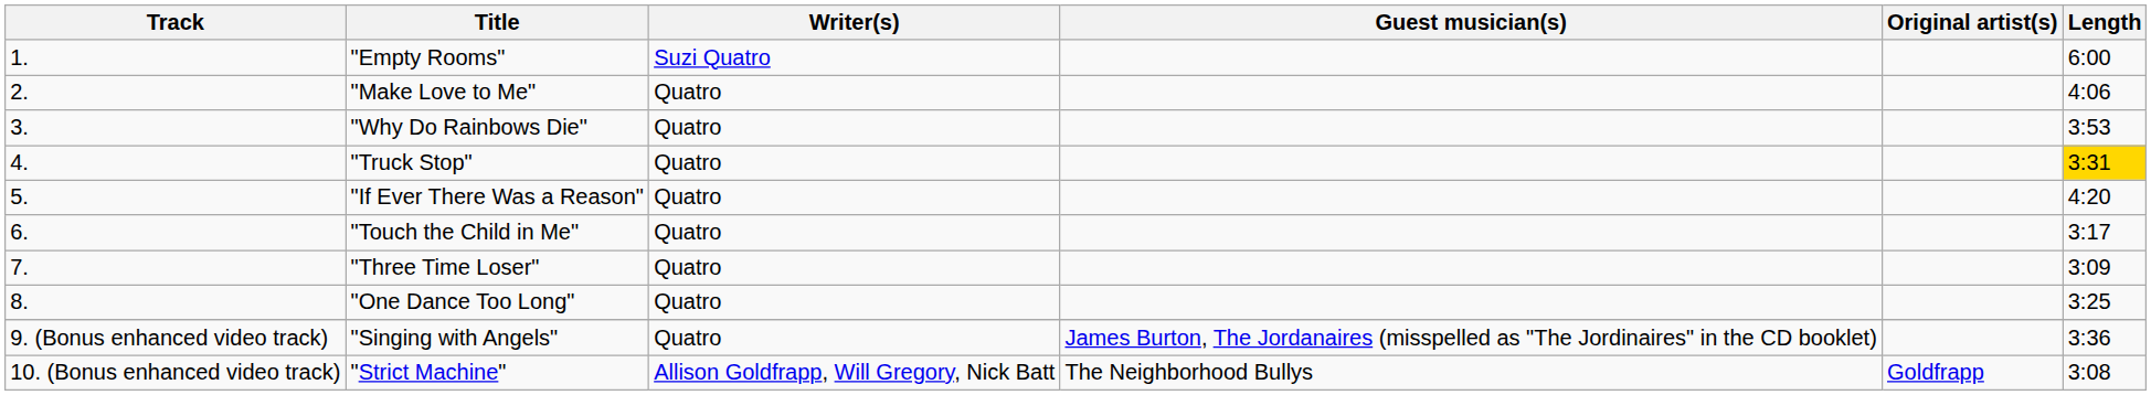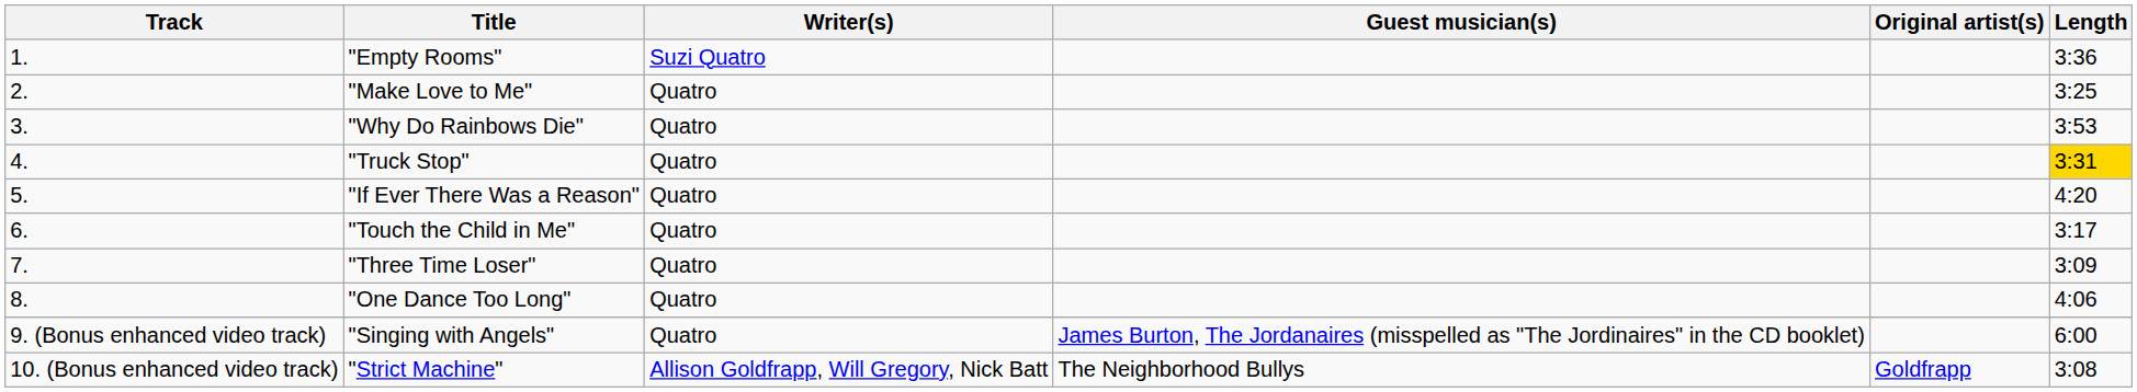 <table class="wikitable">
 <tr>
 <th>Track</th>
 <th>Title</th>
 <th>Writer(s)</th>
 <th>Guest musician(s)</th>
 <th>Original artist(s)</th>
 <th>Length</th>
 </tr>
 <tr>
 <td>1.</td>
 <td>"Empty Rooms"</td>
 <td><a href='#'>Suzi Quatro</a></td>
 <td></td>
 <td></td>
-<td>6:00</td>
+<td>3:36</td>
 </tr>
 <tr>
 <td>2.</td>
 <td>"Make Love to Me"</td>
 <td>Quatro</td>
 <td></td>
 <td></td>
-<td>4:06</td>
+<td>3:25</td>
 </tr>
 <tr>
 <td>3.</td>
 <td>"Why Do Rainbows Die"</td>
 <td>Quatro</td>
 <td></td>
 <td></td>
 <td>3:53</td>
 </tr>
 <tr>
 <td>4.</td>
 <td>"Truck Stop"</td>
 <td>Quatro</td>
 <td></td>
 <td></td>
 <td style="background: gold;">3:31</td>
 </tr>
 <tr>
 <td>5.</td>
 <td>"If Ever There Was a Reason"</td>
 <td>Quatro</td>
 <td></td>
 <td></td>
 <td>4:20</td>
 </tr>
 <tr>
 <td>6.</td>
 <td>"Touch the Child in Me"</td>
 <td>Quatro</td>
 <td></td>
 <td></td>
 <td>3:17</td>
 </tr>
 <tr>
 <td>7.</td>
 <td>"Three Time Loser"</td>
 <td>Quatro</td>
 <td></td>
 <td></td>
 <td>3:09</td>
 </tr>
 <tr>
 <td>8.</td>
 <td>"One Dance Too Long"</td>
 <td>Quatro</td>
 <td></td>
 <td></td>
-<td>3:25</td>
+<td>4:06</td>
 </tr>
 <tr>
 </tr>
 <tr>
 <td>9. (Bonus enhanced video track)</td>
 <td>"Singing with Angels"</td>
 <td>Quatro</td>
 <td><a href='#'>James Burton</a>, <a href='#'>The Jordanaires</a> (misspelled as "The Jordinaires" in the CD booklet)</td>
 <td></td>
-<td>3:36</td>
+<td>6:00</td>
 </tr>
 <tr>
 <td>10. (Bonus enhanced video track)</td>
 <td>"<a href='#'>Strict Machine</a>"</td>
 <td><a href='#'>Allison Goldfrapp</a>, <a href='#'>Will Gregory</a>, Nick Batt</td>
 <td>The Neighborhood Bullys</td>
 <td><a href='#'>Goldfrapp</a></td>
 <td>3:08</td>
 </tr>
 </table>
